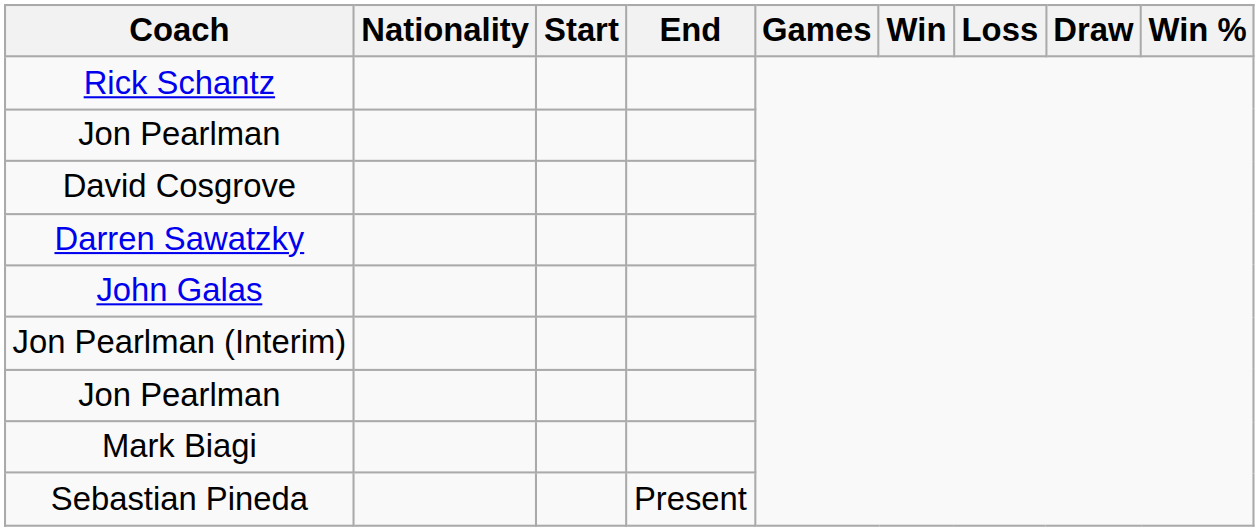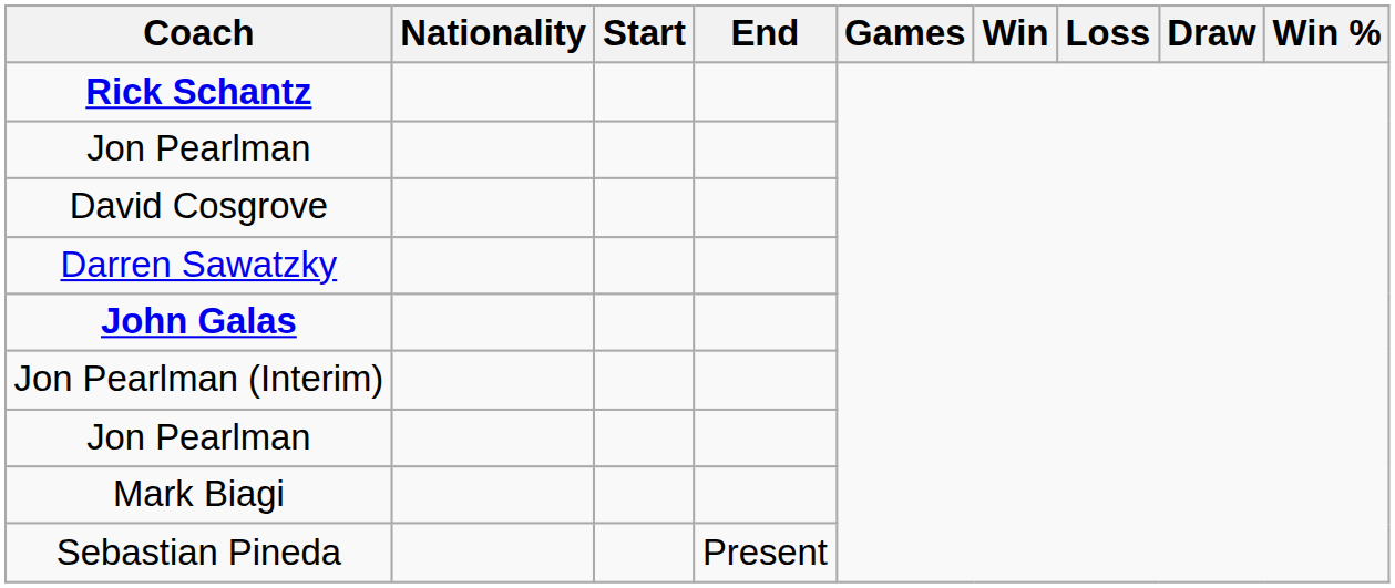 <table class="wikitable" style="text-align:center; margin-left: lem;">
 <tr>
 <th>Coach</th>
 <th>Nationality</th>
 <th>Start</th>
 <th>End</th>
 <th>Games</th>
 <th><strong>Win</strong></th>
 <th>Loss</th>
 <th>Draw</th>
 <th>Win %</th>
 </tr>
 <tr>
-<td><a href='#'>Rick Schantz</a></td>
+<td><strong><a href='#'>Rick Schantz</a></strong></td>
 <td></td>
 <td></td>
 <td><br></td>
 </tr>
 <tr>
 <td>Jon Pearlman</td>
 <td></td>
 <td></td>
 <td><br></td>
 </tr>
 <tr>
 <td>David Cosgrove</td>
 <td></td>
 <td></td>
 <td><br></td>
 </tr>
 <tr>
 <td><a href='#'>Darren Sawatzky</a></td>
 <td></td>
 <td></td>
 <td><br></td>
 </tr>
 <tr>
-<td><a href='#'>John Galas</a></td>
+<td><strong><a href='#'>John Galas</a></strong></td>
 <td></td>
 <td></td>
 <td><br></td>
 </tr>
 <tr>
 <td>Jon Pearlman (Interim)</td>
 <td></td>
 <td></td>
 <td><br></td>
 </tr>
 <tr>
 <td>Jon Pearlman</td>
 <td></td>
 <td></td>
 <td><br></td>
 </tr>
 <tr>
 <td>Mark Biagi</td>
 <td></td>
 <td></td>
 <td><br></td>
 </tr>
 <tr>
 <td>Sebastian Pineda</td>
 <td></td>
 <td></td>
 <td>Present<br></td>
 </tr>
 </table>
